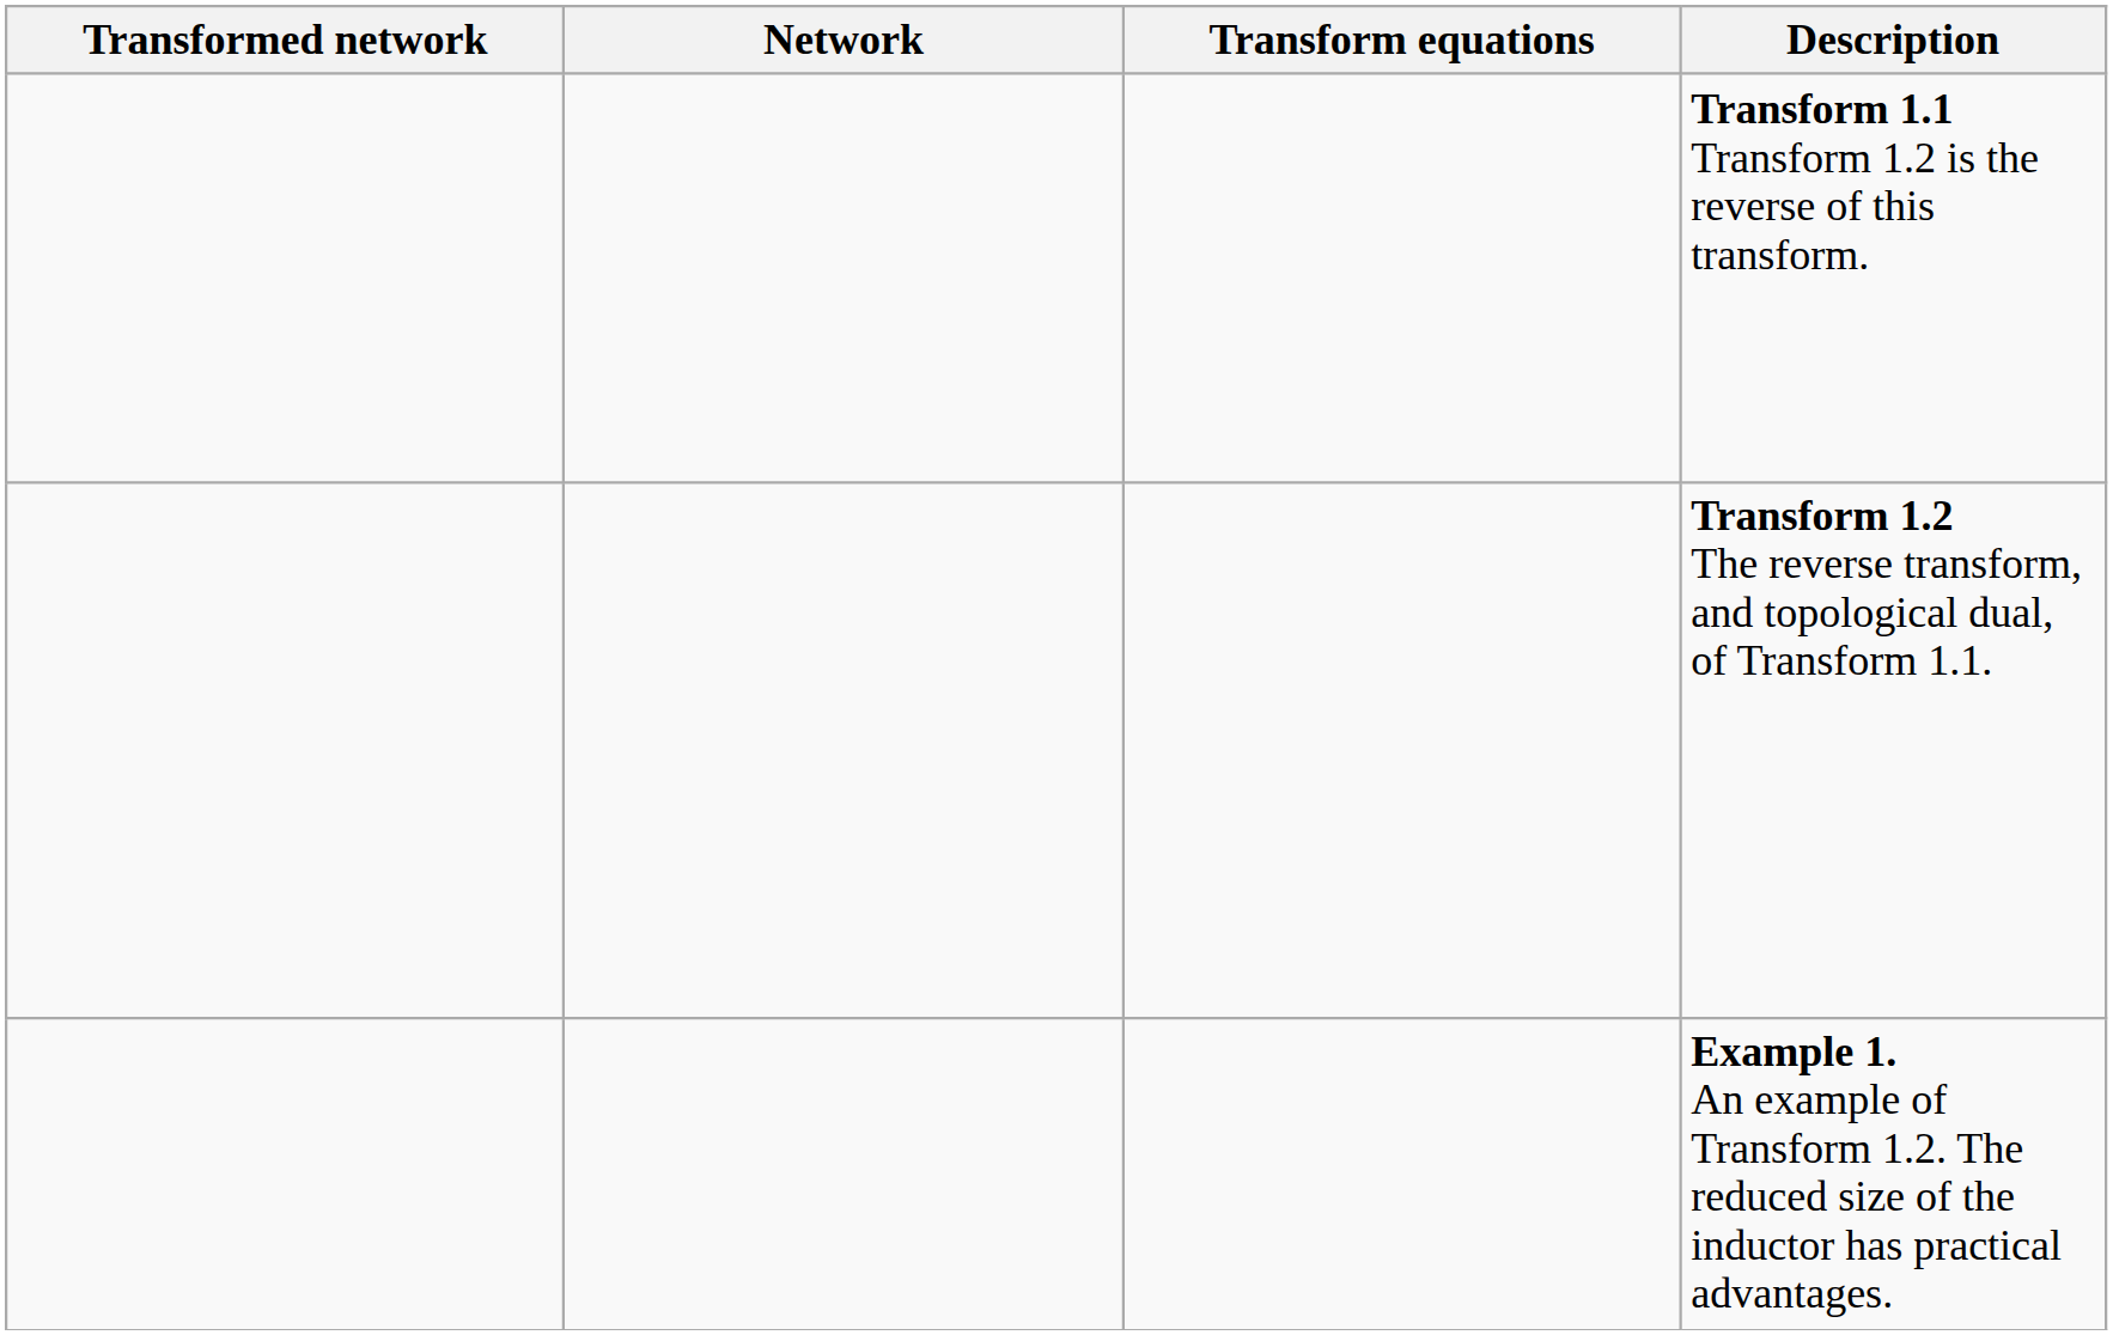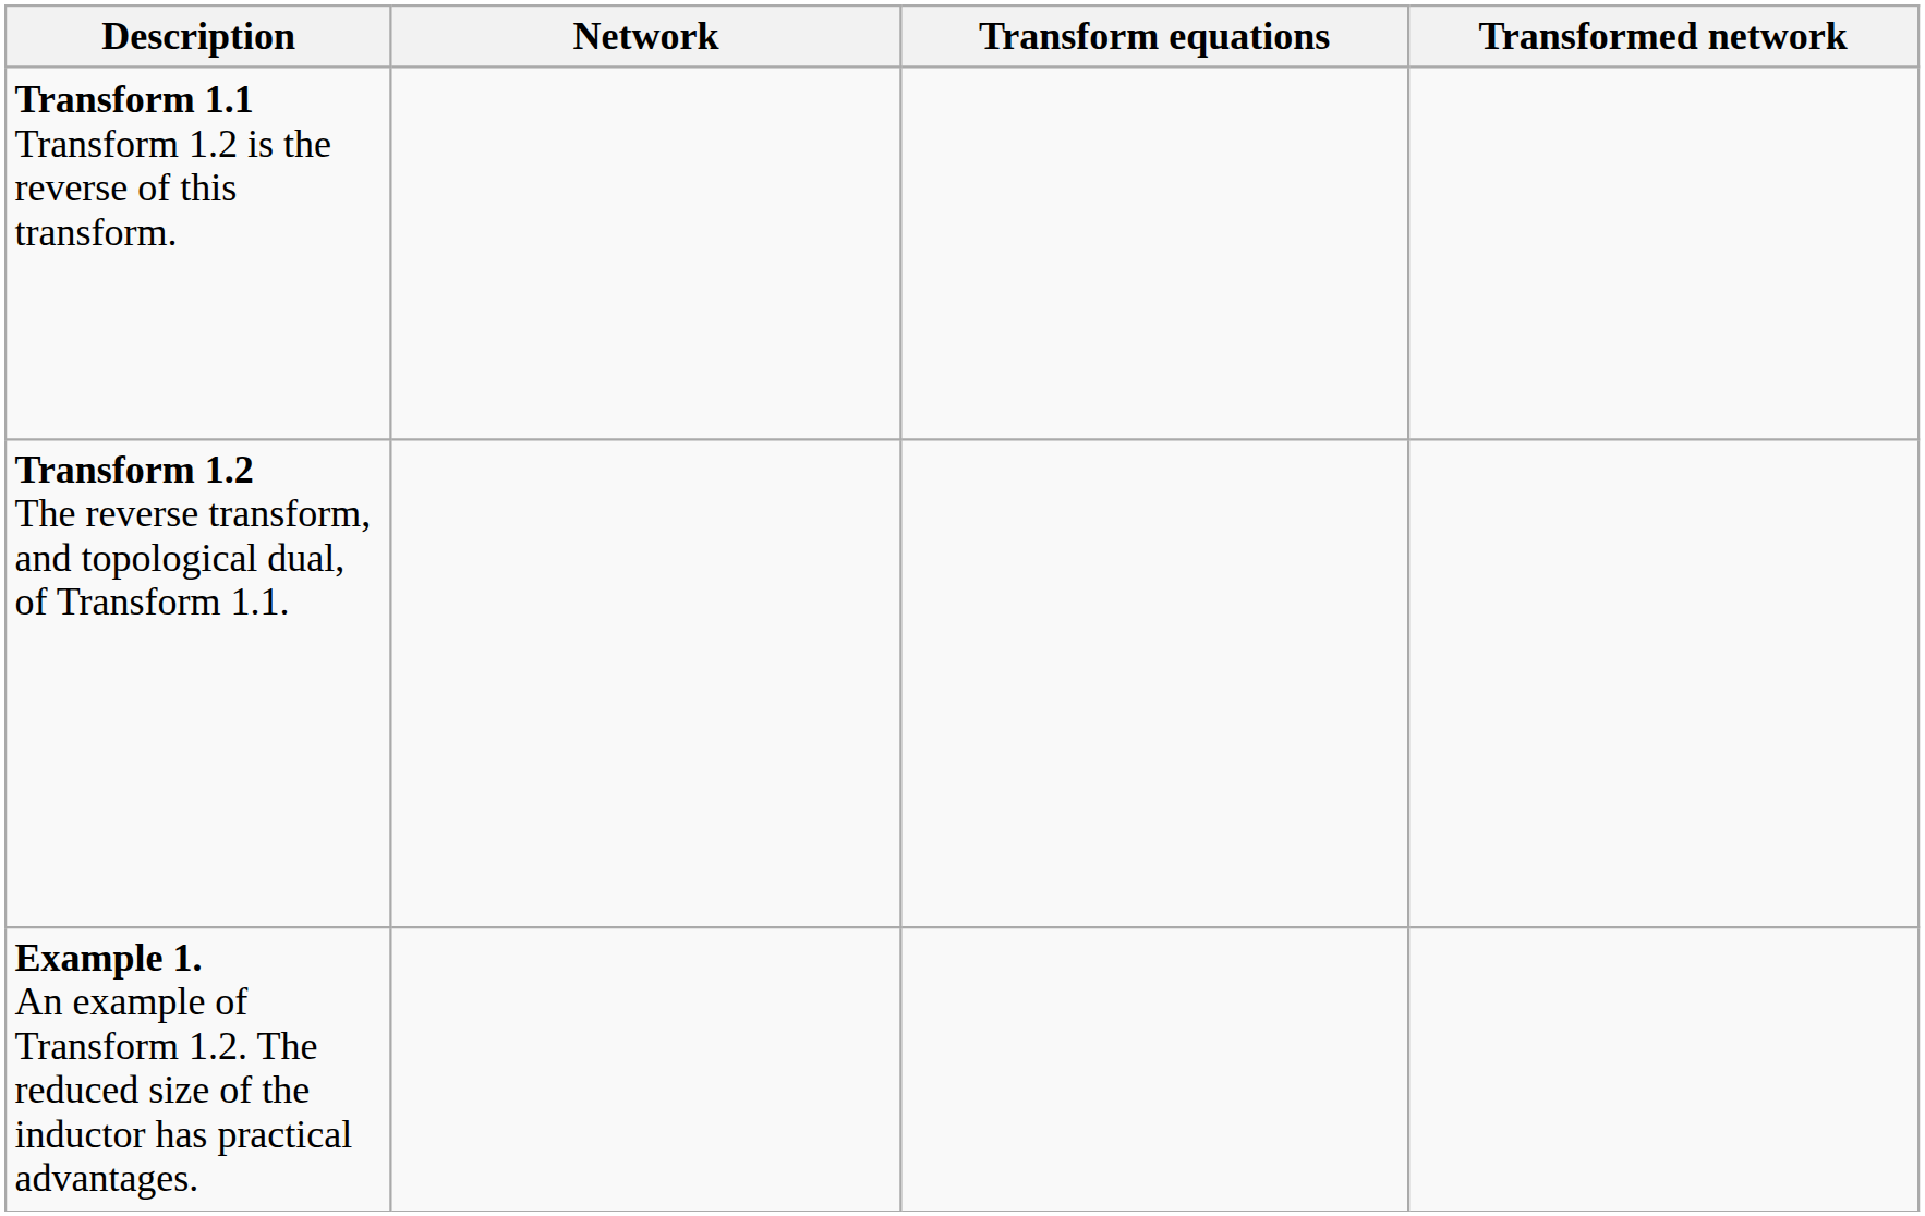 <table class="wikitable" style="text-align:left;">
 <tr style="text-align:center;">
-<th>Transformed network</th>
+<th>Description</th>
 <th>Network</th>
 <th>Transform equations</th>
-<th>Description</th>
+<th>Transformed network</th>
 </tr>
 <tr valign="top">
-<td width="200px"></td>
+<td width="150px"><strong>Transform 1.1</strong><br>Transform 1.2 is the reverse of this transform.</td>
 <td width="200px"></td>
 <td style="line-height:300%;width:200px;"><br><br> </td>
-<td width="150px"><strong>Transform 1.1</strong><br>Transform 1.2 is the reverse of this transform.</td>
+<td width="200px"></td>
 </tr>
 <tr valign="top">
-<td></td>
+<td><strong>Transform 1.2</strong><br>The reverse transform, and topological dual, of Transform 1.1.</td>
 <td></td>
 <td style="line-height:400%;"><br><br> </td>
-<td><strong>Transform 1.2</strong><br>The reverse transform, and topological dual, of Transform 1.1.</td>
+<td></td>
 </tr>
 <tr valign="top">
-<td></td>
+<td><strong>Example 1.</strong><br>An example of Transform 1.2.  The reduced size of the inductor has practical advantages.</td>
 <td></td>
 <td style="line-height:300%;"><br>   </td>
-<td><strong>Example 1.</strong><br>An example of Transform 1.2.  The reduced size of the inductor has practical advantages.</td>
+<td></td>
 </tr>
 </table>
